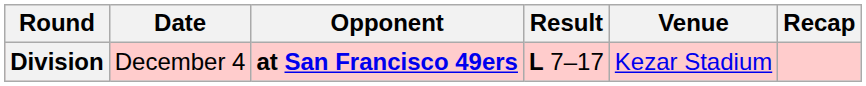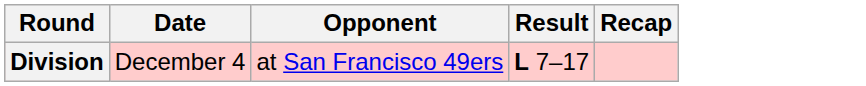 <table class="wikitable" style="text-align:center">
 <tr>
 <th>Round</th>
 <th>Date</th>
 <th>Opponent</th>
 <th>Result</th>
-<th>Venue</th>
 <th>Recap</th>
 </tr>
 <tr style="background: #fcc;">
 <th>Division</th>
 <td>December 4</td>
-<td><strong>at <a href='#'>San Francisco 49ers</a></strong></td>
+<td>at <a href='#'>San Francisco 49ers</a></td>
 <td><strong>L</strong> 7–17</td>
-<td><a href='#'>Kezar Stadium</a></td>
 <td></td>
 </tr>
 </table>
